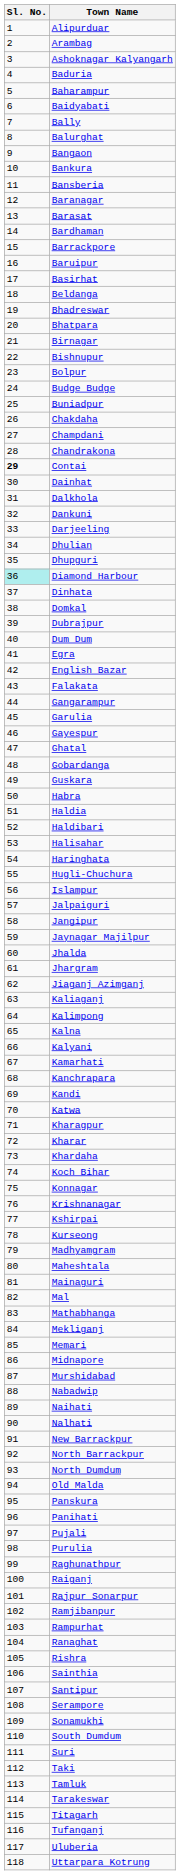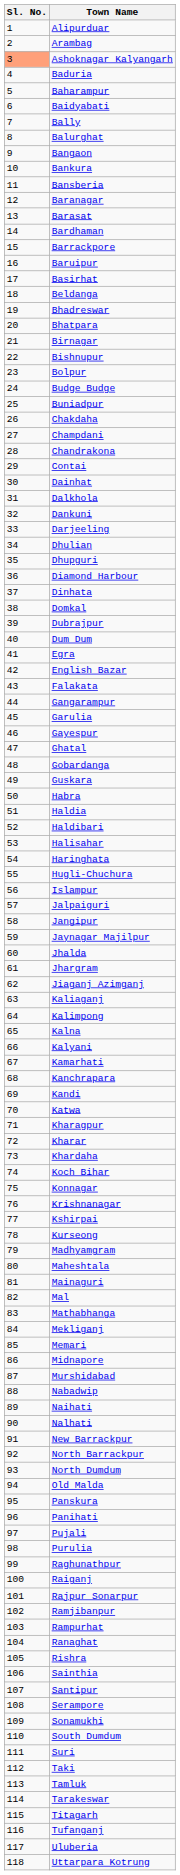 <table class="wikitable">
 <tr>
 <th>Sl. No.</th>
 <th>Town Name</th>
 </tr>
 <tr>
 <td>1</td>
 <td><a href='#'>Alipurduar</a></td>
 </tr>
 <tr>
 <td>2</td>
 <td><a href='#'>Arambag</a></td>
 </tr>
 <tr>
-<td>3</td>
+<td style="background: lightsalmon;">3</td>
 <td><a href='#'>Ashoknagar Kalyangarh</a></td>
 </tr>
 <tr>
 <td>4</td>
 <td><a href='#'>Baduria</a></td>
 </tr>
 <tr>
 <td>5</td>
 <td><a href='#'>Baharampur</a></td>
 </tr>
 <tr>
 <td>6</td>
 <td><a href='#'>Baidyabati</a></td>
 </tr>
 <tr>
 <td>7</td>
 <td><a href='#'>Bally</a></td>
 </tr>
 <tr>
 <td>8</td>
 <td><a href='#'>Balurghat</a></td>
 </tr>
 <tr>
 <td>9</td>
 <td><a href='#'>Bangaon</a></td>
 </tr>
 <tr>
 <td>10</td>
 <td><a href='#'>Bankura</a></td>
 </tr>
 <tr>
 <td>11</td>
 <td><a href='#'>Bansberia</a></td>
 </tr>
 <tr>
 <td>12</td>
 <td><a href='#'>Baranagar</a></td>
 </tr>
 <tr>
 <td>13</td>
 <td><a href='#'>Barasat</a></td>
 </tr>
 <tr>
 <td>14</td>
 <td><a href='#'>Bardhaman</a></td>
 </tr>
 <tr>
 <td>15</td>
 <td><a href='#'>Barrackpore</a></td>
 </tr>
 <tr>
 <td>16</td>
 <td><a href='#'>Baruipur</a></td>
 </tr>
 <tr>
 <td>17</td>
 <td><a href='#'>Basirhat</a></td>
 </tr>
 <tr>
 <td>18</td>
 <td><a href='#'>Beldanga</a></td>
 </tr>
 <tr>
 <td>19</td>
 <td><a href='#'>Bhadreswar</a></td>
 </tr>
 <tr>
 <td>20</td>
 <td><a href='#'>Bhatpara</a></td>
 </tr>
 <tr>
 <td>21</td>
 <td><a href='#'>Birnagar</a></td>
 </tr>
 <tr>
 <td>22</td>
 <td><a href='#'>Bishnupur</a></td>
 </tr>
 <tr>
 <td>23</td>
 <td><a href='#'>Bolpur</a></td>
 </tr>
 <tr>
 <td>24</td>
 <td><a href='#'>Budge Budge</a></td>
 </tr>
 <tr>
 <td>25</td>
 <td><a href='#'>Buniadpur</a></td>
 </tr>
 <tr>
 <td>26</td>
 <td><a href='#'>Chakdaha</a></td>
 </tr>
 <tr>
 <td>27</td>
 <td><a href='#'>Champdani</a></td>
 </tr>
 <tr>
 <td>28</td>
 <td><a href='#'>Chandrakona</a></td>
 </tr>
 <tr>
-<td><strong>29</strong></td>
+<td>29</td>
 <td><a href='#'>Contai</a></td>
 </tr>
 <tr>
 <td>30</td>
 <td><a href='#'>Dainhat</a></td>
 </tr>
 <tr>
 <td>31</td>
 <td><a href='#'>Dalkhola</a></td>
 </tr>
 <tr>
 <td>32</td>
 <td><a href='#'>Dankuni</a></td>
 </tr>
 <tr>
 <td>33</td>
 <td><a href='#'>Darjeeling</a></td>
 </tr>
 <tr>
 <td>34</td>
 <td><a href='#'>Dhulian</a></td>
 </tr>
 <tr>
 <td>35</td>
 <td><a href='#'>Dhupguri</a></td>
 </tr>
 <tr>
-<td style="background: paleturquoise;">36</td>
+<td>36</td>
 <td><a href='#'>Diamond Harbour</a></td>
 </tr>
 <tr>
 <td>37</td>
 <td><a href='#'>Dinhata</a></td>
 </tr>
 <tr>
 <td>38</td>
 <td><a href='#'>Domkal</a></td>
 </tr>
 <tr>
 <td>39</td>
 <td><a href='#'>Dubrajpur</a></td>
 </tr>
 <tr>
 <td>40</td>
 <td><a href='#'>Dum Dum</a></td>
 </tr>
 <tr>
 <td>41</td>
 <td><a href='#'>Egra</a></td>
 </tr>
 <tr>
 <td>42</td>
 <td><a href='#'>English Bazar</a></td>
 </tr>
 <tr>
 <td>43</td>
 <td><a href='#'>Falakata</a></td>
 </tr>
 <tr>
 <td>44</td>
 <td><a href='#'>Gangarampur</a></td>
 </tr>
 <tr>
 <td>45</td>
 <td><a href='#'>Garulia</a></td>
 </tr>
 <tr>
 <td>46</td>
 <td><a href='#'>Gayespur</a></td>
 </tr>
 <tr>
 <td>47</td>
 <td><a href='#'>Ghatal</a></td>
 </tr>
 <tr>
 <td>48</td>
 <td><a href='#'>Gobardanga</a></td>
 </tr>
 <tr>
 <td>49</td>
 <td><a href='#'>Guskara</a></td>
 </tr>
 <tr>
 <td>50</td>
 <td><a href='#'>Habra</a></td>
 </tr>
 <tr>
 <td>51</td>
 <td><a href='#'>Haldia</a></td>
 </tr>
 <tr>
 <td>52</td>
 <td><a href='#'>Haldibari</a></td>
 </tr>
 <tr>
 <td>53</td>
 <td><a href='#'>Halisahar</a></td>
 </tr>
 <tr>
 <td>54</td>
 <td><a href='#'>Haringhata</a></td>
 </tr>
 <tr>
 <td>55</td>
 <td><a href='#'>Hugli-Chuchura</a></td>
 </tr>
 <tr>
 <td>56</td>
 <td><a href='#'>Islampur</a></td>
 </tr>
 <tr>
 <td>57</td>
 <td><a href='#'>Jalpaiguri</a></td>
 </tr>
 <tr>
 <td>58</td>
 <td><a href='#'>Jangipur</a></td>
 </tr>
 <tr>
 <td>59</td>
 <td><a href='#'>Jaynagar Majilpur</a></td>
 </tr>
 <tr>
 <td>60</td>
 <td><a href='#'>Jhalda</a></td>
 </tr>
 <tr>
 <td>61</td>
 <td><a href='#'>Jhargram</a></td>
 </tr>
 <tr>
 <td>62</td>
 <td><a href='#'>Jiaganj Azimganj</a></td>
 </tr>
 <tr>
 <td>63</td>
 <td><a href='#'>Kaliaganj</a></td>
 </tr>
 <tr>
 <td>64</td>
 <td><a href='#'>Kalimpong</a></td>
 </tr>
 <tr>
 <td>65</td>
 <td><a href='#'>Kalna</a></td>
 </tr>
 <tr>
 <td>66</td>
 <td><a href='#'>Kalyani</a></td>
 </tr>
 <tr>
 <td>67</td>
 <td><a href='#'>Kamarhati</a></td>
 </tr>
 <tr>
 <td>68</td>
 <td><a href='#'>Kanchrapara</a></td>
 </tr>
 <tr>
 <td>69</td>
 <td><a href='#'>Kandi</a></td>
 </tr>
 <tr>
 <td>70</td>
 <td><a href='#'>Katwa</a></td>
 </tr>
 <tr>
 <td>71</td>
 <td><a href='#'>Kharagpur</a></td>
 </tr>
 <tr>
 <td>72</td>
 <td><a href='#'>Kharar</a></td>
 </tr>
 <tr>
 <td>73</td>
 <td><a href='#'>Khardaha</a></td>
 </tr>
 <tr>
 <td>74</td>
 <td><a href='#'>Koch Bihar</a></td>
 </tr>
 <tr>
 <td>75</td>
 <td><a href='#'>Konnagar</a></td>
 </tr>
 <tr>
 <td>76</td>
 <td><a href='#'>Krishnanagar</a></td>
 </tr>
 <tr>
 <td>77</td>
 <td><a href='#'>Kshirpai</a></td>
 </tr>
 <tr>
 <td>78</td>
 <td><a href='#'>Kurseong</a></td>
 </tr>
 <tr>
 <td>79</td>
 <td><a href='#'>Madhyamgram</a></td>
 </tr>
 <tr>
 <td>80</td>
 <td><a href='#'>Maheshtala</a></td>
 </tr>
 <tr>
 <td>81</td>
 <td><a href='#'>Mainaguri</a></td>
 </tr>
 <tr>
 <td>82</td>
 <td><a href='#'>Mal</a></td>
 </tr>
 <tr>
 <td>83</td>
 <td><a href='#'>Mathabhanga</a></td>
 </tr>
 <tr>
 <td>84</td>
 <td><a href='#'>Mekliganj</a></td>
 </tr>
 <tr>
 <td>85</td>
 <td><a href='#'>Memari</a></td>
 </tr>
 <tr>
 <td>86</td>
 <td><a href='#'>Midnapore</a></td>
 </tr>
 <tr>
 <td>87</td>
 <td><a href='#'>Murshidabad</a></td>
 </tr>
 <tr>
 <td>88</td>
 <td><a href='#'>Nabadwip</a></td>
 </tr>
 <tr>
 <td>89</td>
 <td><a href='#'>Naihati</a></td>
 </tr>
 <tr>
 <td>90</td>
 <td><a href='#'>Nalhati</a></td>
 </tr>
 <tr>
 <td>91</td>
 <td><a href='#'>New Barrackpur</a></td>
 </tr>
 <tr>
 <td>92</td>
 <td><a href='#'>North Barrackpur</a></td>
 </tr>
 <tr>
 <td>93</td>
 <td><a href='#'>North Dumdum</a></td>
 </tr>
 <tr>
 <td>94</td>
 <td><a href='#'>Old Malda</a></td>
 </tr>
 <tr>
 <td>95</td>
 <td><a href='#'>Panskura</a></td>
 </tr>
 <tr>
 <td>96</td>
 <td><a href='#'>Panihati</a></td>
 </tr>
 <tr>
 <td>97</td>
 <td><a href='#'>Pujali</a></td>
 </tr>
 <tr>
 <td>98</td>
 <td><a href='#'>Purulia</a></td>
 </tr>
 <tr>
 <td>99</td>
 <td><a href='#'>Raghunathpur</a></td>
 </tr>
 <tr>
 <td>100</td>
 <td><a href='#'>Raiganj</a></td>
 </tr>
 <tr>
 <td>101</td>
 <td><a href='#'>Rajpur Sonarpur</a></td>
 </tr>
 <tr>
 <td>102</td>
 <td><a href='#'>Ramjibanpur</a></td>
 </tr>
 <tr>
 <td>103</td>
 <td><a href='#'>Rampurhat</a></td>
 </tr>
 <tr>
 <td>104</td>
 <td><a href='#'>Ranaghat</a></td>
 </tr>
 <tr>
 <td>105</td>
 <td><a href='#'>Rishra</a></td>
 </tr>
 <tr>
 <td>106</td>
 <td><a href='#'>Sainthia</a></td>
 </tr>
 <tr>
 <td>107</td>
 <td><a href='#'>Santipur</a></td>
 </tr>
 <tr>
 <td>108</td>
 <td><a href='#'>Serampore</a></td>
 </tr>
 <tr>
 <td>109</td>
 <td><a href='#'>Sonamukhi</a></td>
 </tr>
 <tr>
 <td>110</td>
 <td><a href='#'>South Dumdum</a></td>
 </tr>
 <tr>
 <td>111</td>
 <td><a href='#'>Suri</a></td>
 </tr>
 <tr>
 <td>112</td>
 <td><a href='#'>Taki</a></td>
 </tr>
 <tr>
 <td>113</td>
 <td><a href='#'>Tamluk</a></td>
 </tr>
 <tr>
 <td>114</td>
 <td><a href='#'>Tarakeswar</a></td>
 </tr>
 <tr>
 <td>115</td>
 <td><a href='#'>Titagarh</a></td>
 </tr>
 <tr>
 <td>116</td>
 <td><a href='#'>Tufanganj</a></td>
 </tr>
 <tr>
 <td>117</td>
 <td><a href='#'>Uluberia</a></td>
 </tr>
 <tr>
 <td>118</td>
 <td><a href='#'>Uttarpara Kotrung</a></td>
 </tr>
 </table>
